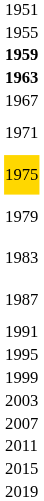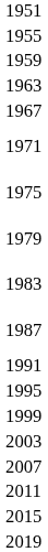 <table>
 <tr>
 <td>1951</td>
 <td></td>
 <td></td>
 <td></td>
 </tr>
 <tr>
 <td>1955</td>
 <td></td>
 <td></td>
 <td></td>
 </tr>
 <tr>
-<td><strong>1959</strong></td>
+<td>1959</td>
 <td></td>
 <td></td>
 <td></td>
 </tr>
 <tr>
-<td><strong>1963</strong></td>
+<td>1963</td>
 <td></td>
 <td></td>
 <td></td>
 </tr>
 <tr>
 <td>1967</td>
 <td></td>
 <td></td>
 <td></td>
 </tr>
 <tr>
 <td>1971</td>
 <td></td>
 <td></td>
 <td><br><br></td>
 </tr>
 <tr>
-<td style="background: gold;">1975</td>
+<td>1975</td>
 <td></td>
 <td></td>
 <td><br><br></td>
 </tr>
 <tr>
 <td>1979</td>
 <td></td>
 <td></td>
 <td><br><br></td>
 </tr>
 <tr>
 <td>1983</td>
 <td></td>
 <td></td>
 <td><br><br></td>
 </tr>
 <tr>
 <td>1987</td>
 <td></td>
 <td></td>
 <td><br><br></td>
 </tr>
 <tr>
 <td>1991</td>
 <td></td>
 <td></td>
 <td></td>
 </tr>
 <tr>
 <td>1995</td>
 <td></td>
 <td></td>
 <td><br></td>
 </tr>
 <tr>
 <td>1999</td>
 <td></td>
 <td></td>
 <td><br></td>
 </tr>
 <tr>
 <td>2003</td>
 <td></td>
 <td></td>
 <td><br></td>
 </tr>
 <tr>
 <td>2007</td>
 <td></td>
 <td></td>
 <td><br></td>
 </tr>
 <tr>
 <td rowspan=2>2011<br></td>
 <td rowspan=2></td>
 <td rowspan=2></td>
 <td></td>
 </tr>
 <tr>
 <td></td>
 </tr>
 <tr>
 <td rowspan=2>2015<br></td>
 <td rowspan=2></td>
 <td rowspan=2></td>
 <td></td>
 </tr>
 <tr>
 <td></td>
 </tr>
 <tr>
 <td rowspan=2>2019<br></td>
 <td rowspan=2></td>
 <td rowspan=2></td>
 <td></td>
 </tr>
 <tr>
 <td></td>
 </tr>
 </table>
